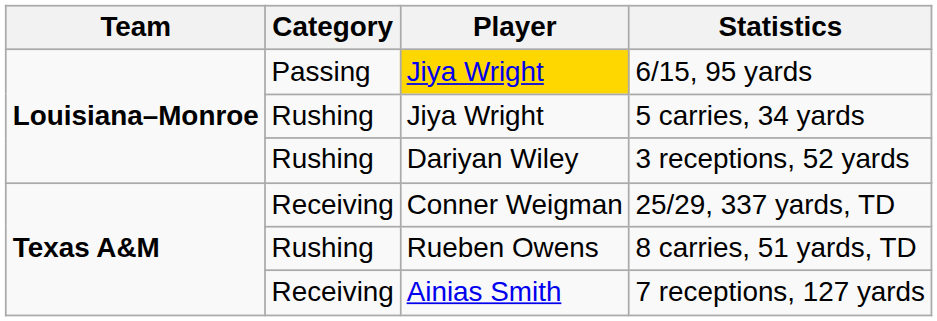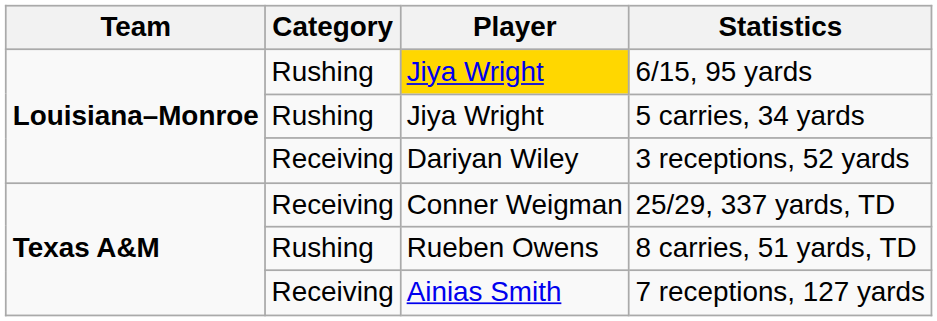 <table class="wikitable" style="float: right;">
 <tr>
 <th>Team</th>
 <th>Category</th>
 <th>Player</th>
 <th>Statistics</th>
 </tr>
 <tr>
 <td rowspan=3><strong>Louisiana–Monroe</strong></td>
-<td>Passing</td>
+<td>Rushing</td>
 <td style="background: gold;"><a href='#'>Jiya Wright</a></td>
 <td>6/15, 95 yards</td>
 </tr>
 <tr>
 <td>Rushing</td>
 <td>Jiya Wright</td>
 <td>5 carries, 34 yards</td>
 </tr>
 <tr>
-<td>Rushing</td>
+<td>Receiving</td>
 <td>Dariyan Wiley</td>
 <td>3 receptions, 52 yards</td>
 </tr>
 <tr>
 <td rowspan=3><strong>Texas A&M</strong></td>
 <td>Receiving</td>
 <td>Conner Weigman</td>
 <td>25/29, 337 yards, TD</td>
 </tr>
 <tr>
 <td>Rushing</td>
 <td>Rueben Owens</td>
 <td>8 carries, 51 yards, TD</td>
 </tr>
 <tr>
 <td>Receiving</td>
 <td><a href='#'>Ainias Smith</a></td>
 <td>7 receptions, 127 yards</td>
 </tr>
 </table>
